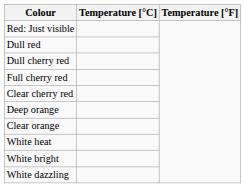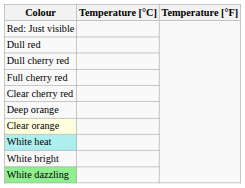 <table class="wikitable">
 <tr>
 <th>Colour</th>
 <th>Temperature [°C]</th>
 <th>Temperature [°F]</th>
 </tr>
 <tr>
 <td>Red: Just visible</td>
 <td></td>
 </tr>
 <tr>
 <td>Dull red</td>
 <td></td>
 </tr>
 <tr>
 <td>Dull cherry red</td>
 <td></td>
 </tr>
 <tr>
 <td>Full cherry red</td>
 <td></td>
 </tr>
 <tr>
 <td>Clear cherry red</td>
 <td></td>
 </tr>
 <tr>
 <td>Deep orange</td>
 <td></td>
 </tr>
 <tr>
-<td>Clear orange</td>
+<td style="background: lightyellow;">Clear orange</td>
 <td></td>
 </tr>
 <tr>
-<td>White heat</td>
+<td style="background: paleturquoise;">White heat</td>
 <td></td>
 </tr>
 <tr>
 <td>White bright</td>
 <td></td>
 </tr>
 <tr>
-<td>White dazzling</td>
+<td style="background: lightgreen;">White dazzling</td>
 <td></td>
 </tr>
 </table>
